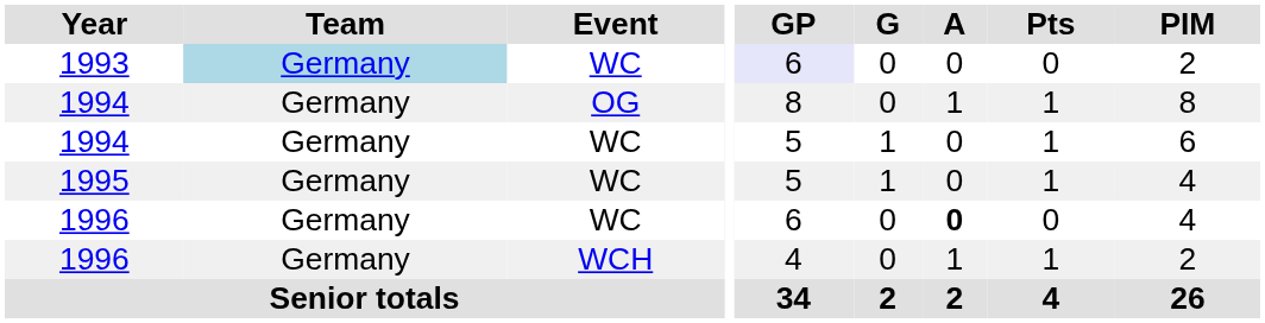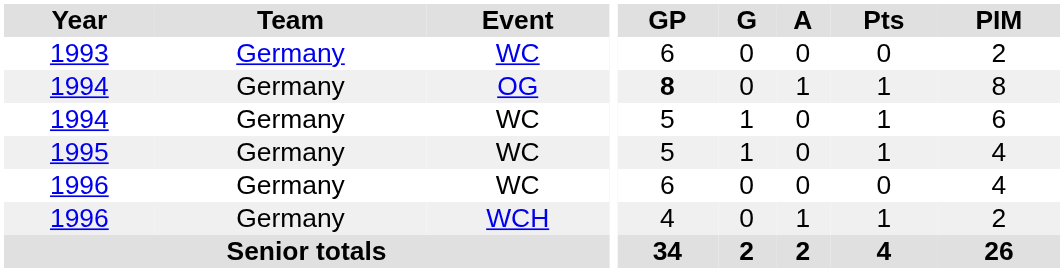 <table border="0" cellpadding="1" cellspacing="0" ID="Table3" style="text-align:center; width:40em">
 <tr bgcolor="#e0e0e0">
 <th>Year</th>
 <th>Team</th>
 <th>Event</th>
 <th rowspan="102" bgcolor="#ffffff"></th>
 <th>GP</th>
 <th>G</th>
 <th>A</th>
 <th>Pts</th>
 <th>PIM</th>
 </tr>
 <tr>
 <td><a href='#'>1993</a></td>
-<td style="background: lightblue;"><a href='#'>Germany</a></td>
+<td><a href='#'>Germany</a></td>
 <td><a href='#'>WC</a></td>
-<td style="background: lavender;">6</td>
+<td>6</td>
 <td>0</td>
 <td>0</td>
 <td>0</td>
 <td>2</td>
 </tr>
 <tr bgcolor="#f0f0f0">
 <td><a href='#'>1994</a></td>
 <td>Germany</td>
 <td><a href='#'>OG</a></td>
-<td>8</td>
+<td><strong>8</strong></td>
 <td>0</td>
 <td>1</td>
 <td>1</td>
 <td>8</td>
 </tr>
 <tr>
 <td><a href='#'>1994</a></td>
 <td>Germany</td>
 <td>WC</td>
 <td>5</td>
 <td>1</td>
 <td>0</td>
 <td>1</td>
 <td>6</td>
 </tr>
 <tr bgcolor="#f0f0f0">
 <td><a href='#'>1995</a></td>
 <td>Germany</td>
 <td>WC</td>
 <td>5</td>
 <td>1</td>
 <td>0</td>
 <td>1</td>
 <td>4</td>
 </tr>
 <tr>
 <td><a href='#'>1996</a></td>
 <td>Germany</td>
 <td>WC</td>
 <td>6</td>
 <td>0</td>
-<td><strong>0</strong></td>
+<td>0</td>
 <td>0</td>
 <td>4</td>
 </tr>
 <tr bgcolor="#f0f0f0">
 <td><a href='#'>1996</a></td>
 <td>Germany</td>
 <td><a href='#'>WCH</a></td>
 <td>4</td>
 <td>0</td>
 <td>1</td>
 <td>1</td>
 <td>2</td>
 </tr>
 <tr bgcolor="#e0e0e0">
 <th colspan="3">Senior totals</th>
 <th>34</th>
 <th>2</th>
 <th>2</th>
 <th>4</th>
 <th>26</th>
 </tr>
 </table>
